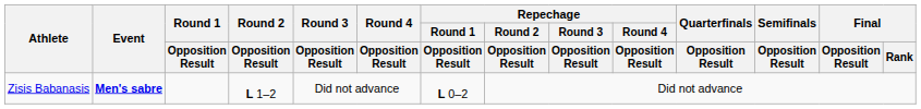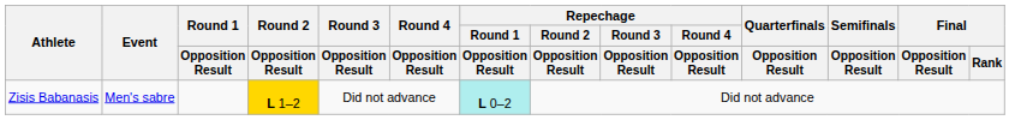 <table class="wikitable" style="font-size:85%">
 <tr>
 <th rowspan="3">Athlete</th>
 <th rowspan="3">Event</th>
 <th rowspan="2">Round 1</th>
 <th rowspan="2">Round 2</th>
 <th rowspan="2">Round 3</th>
 <th rowspan="2">Round 4</th>
 <th colspan=4>Repechage</th>
 <th rowspan="2">Quarterfinals</th>
 <th rowspan="2">Semifinals</th>
 <th rowspan="2" colspan=2>Final</th>
 </tr>
 <tr style="font-size:95%">
 <th>Round 1</th>
 <th>Round 2</th>
 <th>Round 3</th>
 <th>Round 4</th>
 </tr>
 <tr style="font-size:95%">
 <th>Opposition<br>Result</th>
 <th>Opposition<br>Result</th>
 <th>Opposition<br>Result</th>
 <th>Opposition<br>Result</th>
 <th>Opposition<br>Result</th>
 <th>Opposition<br>Result</th>
 <th>Opposition<br>Result</th>
 <th>Opposition<br>Result</th>
 <th>Opposition<br>Result</th>
 <th>Opposition<br>Result</th>
 <th>Opposition<br>Result</th>
 <th>Rank</th>
 </tr>
 <tr align=center>
 <td align=left><a href='#'>Zisis Babanasis</a></td>
-<td align=left><strong><a href='#'>Men's sabre</a></strong></td>
+<td align=left><a href='#'>Men's sabre</a></td>
 <td></td>
-<td><br><strong>L</strong> 1–2</td>
+<td style="background: gold;"><br><strong>L</strong> 1–2</td>
 <td colspan=2>Did not advance</td>
-<td><br><strong>L</strong> 0–2</td>
+<td style="background: paleturquoise;"><br><strong>L</strong> 0–2</td>
 <td colspan=7>Did not advance</td>
 </tr>
 </table>
